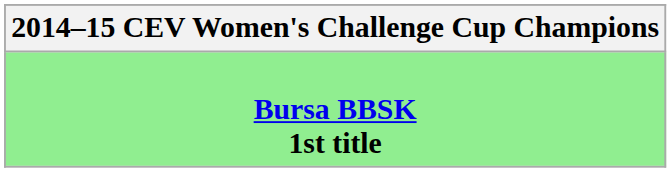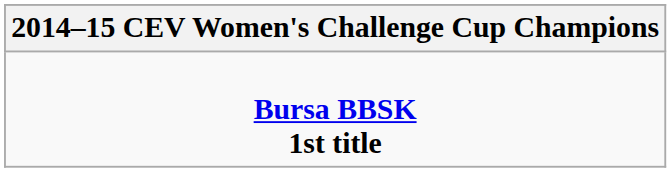 <table class=wikitable style="text-align:center; margin:auto">
 <tr>
 <th>2014–15 CEV Women's Challenge Cup Champions</th>
 </tr>
 <tr>
-<td style="background: lightgreen;"><br> <strong><a href='#'>Bursa BBSK</a></strong><br> <strong>1st title</strong></td>
+<td><br> <strong><a href='#'>Bursa BBSK</a></strong><br> <strong>1st title</strong></td>
 </tr>
 </table>
